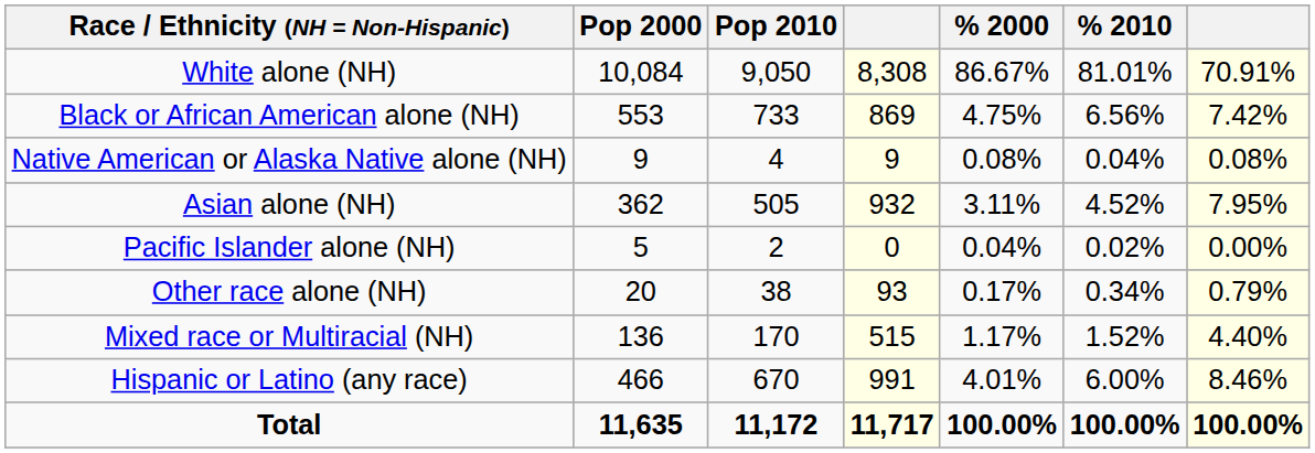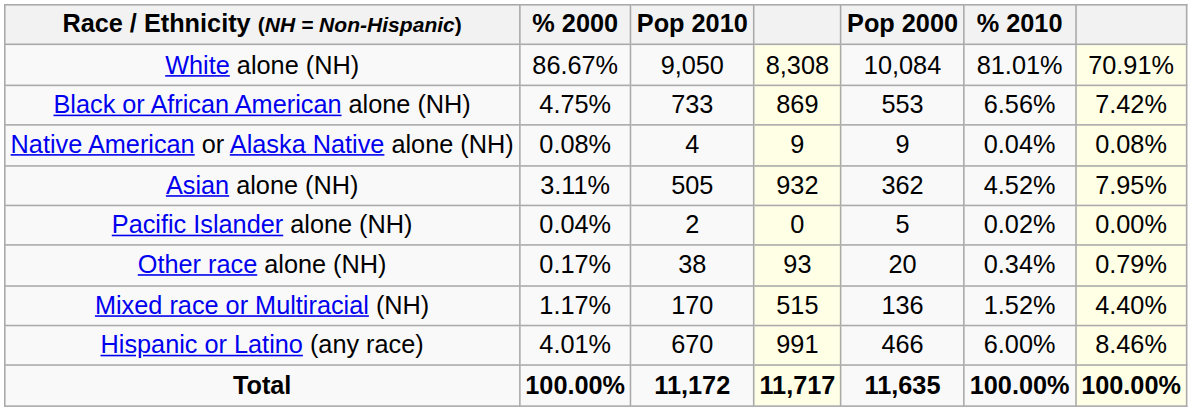 <table class="wikitable" style="text-align:center;">
 <tr>
 <th>Race / Ethnicity <small>(<em>NH = Non-Hispanic</em>)</small></th>
-<th>Pop 2000</th>
+<th>% 2000</th>
 <th>Pop 2010</th>
 <th></th>
-<th>% 2000</th>
+<th>Pop 2000</th>
 <th>% 2010</th>
 <th></th>
 </tr>
 <tr>
 <td><a href='#'>White</a> alone (NH)</td>
-<td>10,084</td>
+<td>86.67%</td>
 <td>9,050</td>
 <td style='background: #ffffe6;'>8,308</td>
-<td>86.67%</td>
+<td>10,084</td>
 <td>81.01%</td>
 <td style='background: #ffffe6;'>70.91%</td>
 </tr>
 <tr>
 <td><a href='#'>Black or African American</a> alone (NH)</td>
-<td>553</td>
+<td>4.75%</td>
 <td>733</td>
 <td style='background: #ffffe6;'>869</td>
-<td>4.75%</td>
+<td>553</td>
 <td>6.56%</td>
 <td style='background: #ffffe6;'>7.42%</td>
 </tr>
 <tr>
 <td><a href='#'>Native American</a> or <a href='#'>Alaska Native</a> alone (NH)</td>
-<td>9</td>
+<td>0.08%</td>
 <td>4</td>
 <td style='background: #ffffe6;'>9</td>
-<td>0.08%</td>
+<td>9</td>
 <td>0.04%</td>
 <td style='background: #ffffe6;'>0.08%</td>
 </tr>
 <tr>
 <td><a href='#'>Asian</a> alone (NH)</td>
-<td>362</td>
+<td>3.11%</td>
 <td>505</td>
 <td style='background: #ffffe6;'>932</td>
-<td>3.11%</td>
+<td>362</td>
 <td>4.52%</td>
 <td style='background: #ffffe6;'>7.95%</td>
 </tr>
 <tr>
 <td><a href='#'>Pacific Islander</a> alone (NH)</td>
-<td>5</td>
+<td>0.04%</td>
 <td>2</td>
 <td style='background: #ffffe6;'>0</td>
-<td>0.04%</td>
+<td>5</td>
 <td>0.02%</td>
 <td style='background: #ffffe6;'>0.00%</td>
 </tr>
 <tr>
 <td><a href='#'>Other race</a> alone (NH)</td>
-<td>20</td>
+<td>0.17%</td>
 <td>38</td>
 <td style='background: #ffffe6;'>93</td>
-<td>0.17%</td>
+<td>20</td>
 <td>0.34%</td>
 <td style='background: #ffffe6;'>0.79%</td>
 </tr>
 <tr>
 <td><a href='#'>Mixed race or Multiracial</a> (NH)</td>
-<td>136</td>
+<td>1.17%</td>
 <td>170</td>
 <td style='background: #ffffe6;'>515</td>
-<td>1.17%</td>
+<td>136</td>
 <td>1.52%</td>
 <td style='background: #ffffe6;'>4.40%</td>
 </tr>
 <tr>
 <td><a href='#'>Hispanic or Latino</a> (any race)</td>
-<td>466</td>
+<td>4.01%</td>
 <td>670</td>
 <td style='background: #ffffe6;'>991</td>
-<td>4.01%</td>
+<td>466</td>
 <td>6.00%</td>
 <td style='background: #ffffe6;'>8.46%</td>
 </tr>
 <tr>
 <td><strong>Total</strong></td>
-<td><strong>11,635</strong></td>
+<td><strong>100.00%</strong></td>
 <td><strong>11,172</strong></td>
 <td style='background: #ffffe6;'><strong>11,717</strong></td>
-<td><strong>100.00%</strong></td>
+<td><strong>11,635</strong></td>
 <td><strong>100.00%</strong></td>
 <td style='background: #ffffe6;'><strong>100.00%</strong></td>
 </tr>
 </table>
